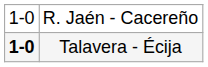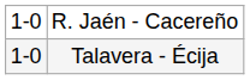 <table class="wikitable">
 <tr align=center bgcolor=white>
 <td>1-0</td>
 <td>R. Jaén - Cacereño</td>
 </tr>
 <tr align=center bgcolor=#F5F5F5>
-<td><strong>1-0</strong></td>
+<td>1-0</td>
 <td>Talavera - Écija</td>
 </tr>
 </table>
